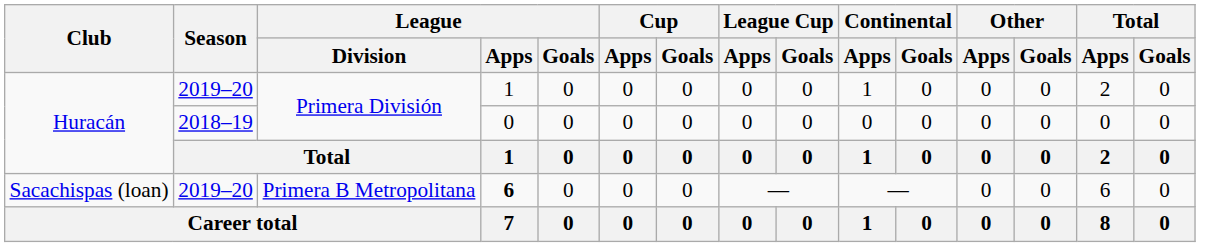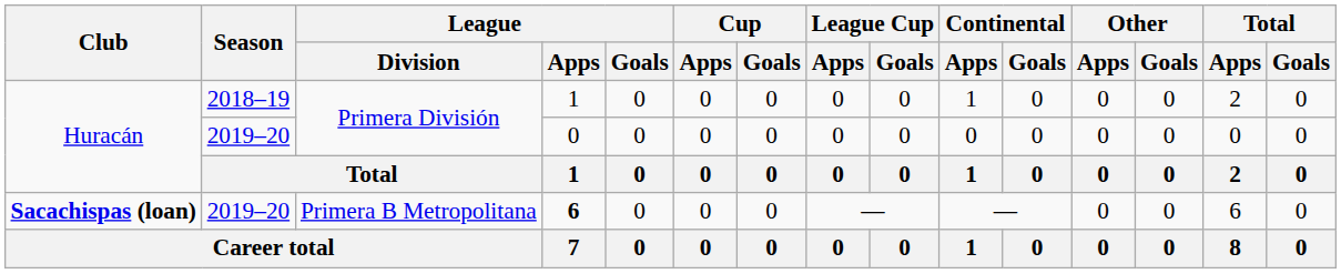 <table class="wikitable" style="text-align:center">
 <tr>
 <th rowspan="2">Club</th>
 <th rowspan="2">Season</th>
 <th colspan="3">League</th>
 <th colspan="2">Cup</th>
 <th colspan="2">League Cup</th>
 <th colspan="2">Continental</th>
 <th colspan="2">Other</th>
 <th colspan="2">Total</th>
 </tr>
 <tr>
 <th>Division</th>
 <th>Apps</th>
 <th>Goals</th>
 <th>Apps</th>
 <th>Goals</th>
 <th>Apps</th>
 <th>Goals</th>
 <th>Apps</th>
 <th>Goals</th>
 <th>Apps</th>
 <th>Goals</th>
 <th>Apps</th>
 <th>Goals</th>
 </tr>
 <tr>
 <td rowspan="3"><a href='#'>Huracán</a></td>
-<td><a href='#'>2019–20</a></td>
+<td><a href='#'>2018–19</a></td>
 <td rowspan="2"><a href='#'>Primera División</a></td>
 <td>1</td>
 <td>0</td>
 <td>0</td>
 <td>0</td>
 <td>0</td>
 <td>0</td>
 <td>1</td>
 <td>0</td>
 <td>0</td>
 <td>0</td>
 <td>2</td>
 <td>0</td>
 </tr>
 <tr>
-<td><a href='#'>2018–19</a></td>
+<td><a href='#'>2019–20</a></td>
 <td>0</td>
 <td>0</td>
 <td>0</td>
 <td>0</td>
 <td>0</td>
 <td>0</td>
 <td>0</td>
 <td>0</td>
 <td>0</td>
 <td>0</td>
 <td>0</td>
 <td>0</td>
 </tr>
 <tr>
 <th colspan="2">Total</th>
 <th>1</th>
 <th>0</th>
 <th>0</th>
 <th>0</th>
 <th>0</th>
 <th>0</th>
 <th>1</th>
 <th>0</th>
 <th>0</th>
 <th>0</th>
 <th>2</th>
 <th>0</th>
 </tr>
 <tr>
-<td rowspan="1"><a href='#'>Sacachispas</a> (loan)</td>
+<td rowspan="1"><strong><a href='#'>Sacachispas</a> (loan)</strong></td>
 <td><a href='#'>2019–20</a></td>
 <td rowspan="1"><a href='#'>Primera B Metropolitana</a></td>
 <td><strong>6</strong></td>
 <td>0</td>
 <td>0</td>
 <td>0</td>
 <td colspan="2">—</td>
 <td colspan="2">—</td>
 <td>0</td>
 <td>0</td>
 <td>6</td>
 <td>0</td>
 </tr>
 <tr>
 <th colspan="3">Career total</th>
 <th>7</th>
 <th>0</th>
 <th>0</th>
 <th>0</th>
 <th>0</th>
 <th>0</th>
 <th>1</th>
 <th>0</th>
 <th>0</th>
 <th>0</th>
 <th>8</th>
 <th>0</th>
 </tr>
 </table>
